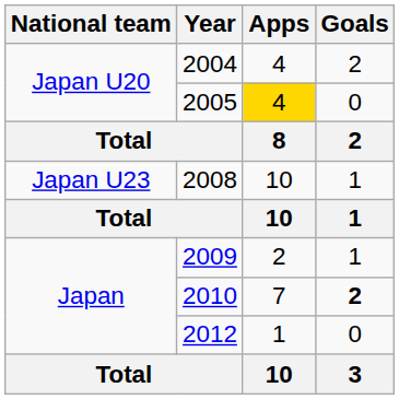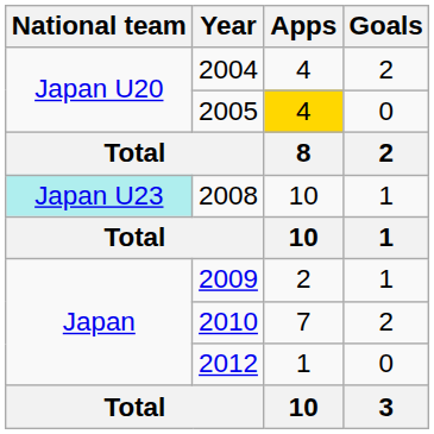 <table class="wikitable" style="text-align:center">
 <tr>
 <th>National team</th>
 <th>Year</th>
 <th>Apps</th>
 <th>Goals</th>
 </tr>
 <tr>
 <td rowspan="2"><a href='#'>Japan U20</a></td>
 <td>2004</td>
 <td>4</td>
 <td>2</td>
 </tr>
 <tr>
 <td>2005</td>
 <td style="background: gold;">4</td>
 <td>0</td>
 </tr>
 <tr>
 <th colspan="2">Total</th>
 <th>8</th>
 <th>2</th>
 </tr>
 <tr>
-<td><a href='#'>Japan U23</a></td>
+<td style="background: paleturquoise;"><a href='#'>Japan U23</a></td>
 <td>2008</td>
 <td>10</td>
 <td>1</td>
 </tr>
 <tr>
 <th colspan="2">Total</th>
 <th>10</th>
 <th>1</th>
 </tr>
 <tr>
 <td rowspan="3"><a href='#'>Japan</a></td>
 <td><a href='#'>2009</a></td>
 <td>2</td>
 <td>1</td>
 </tr>
 <tr>
 <td><a href='#'>2010</a></td>
 <td>7</td>
-<td><strong>2</strong></td>
+<td>2</td>
 </tr>
 <tr>
 <td><a href='#'>2012</a></td>
 <td>1</td>
 <td>0</td>
 </tr>
 <tr>
 <th colspan="2">Total</th>
 <th>10</th>
 <th>3</th>
 </tr>
 </table>
